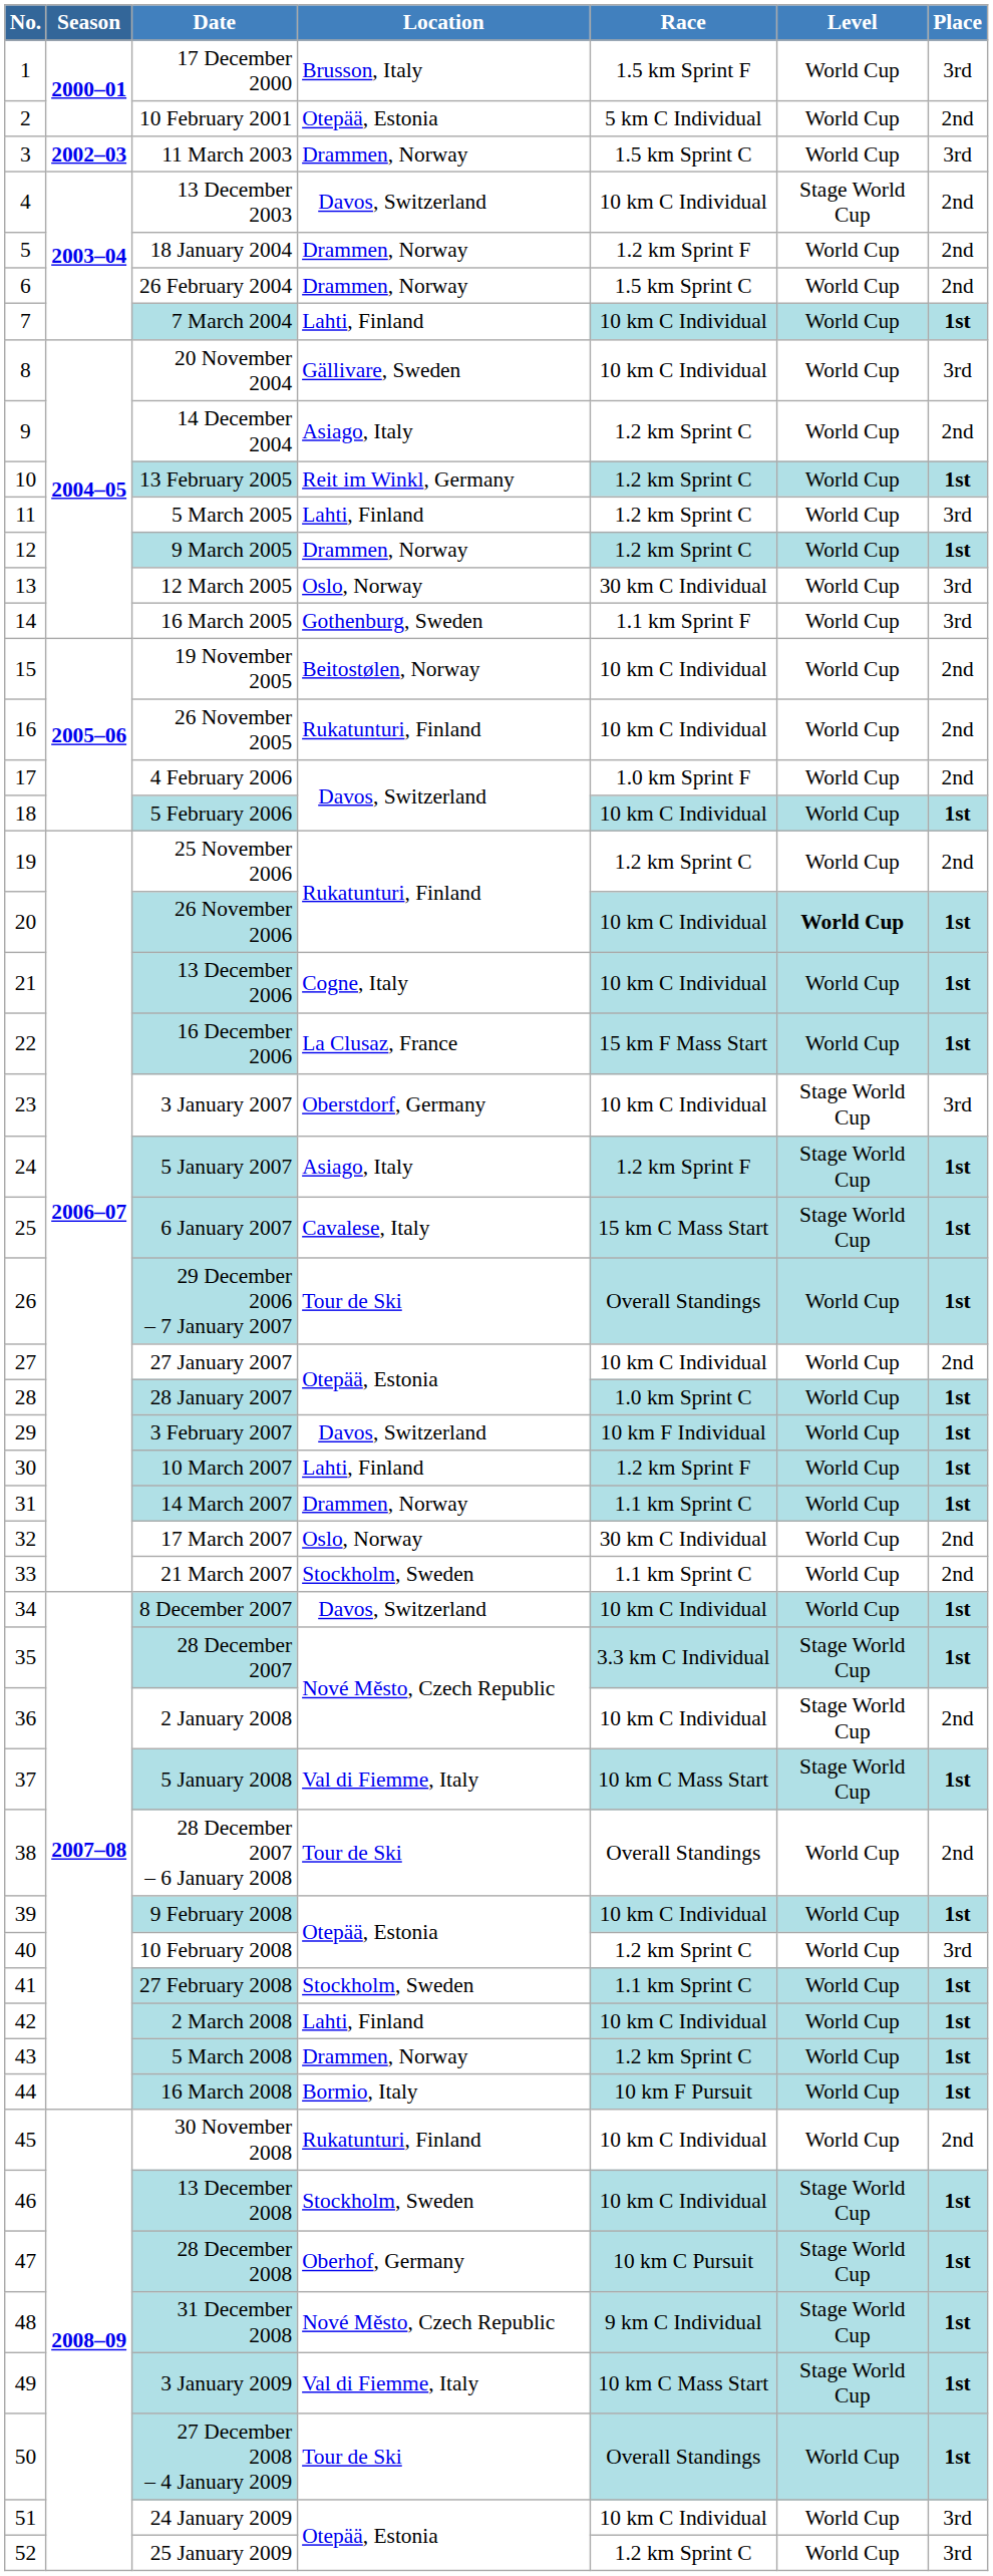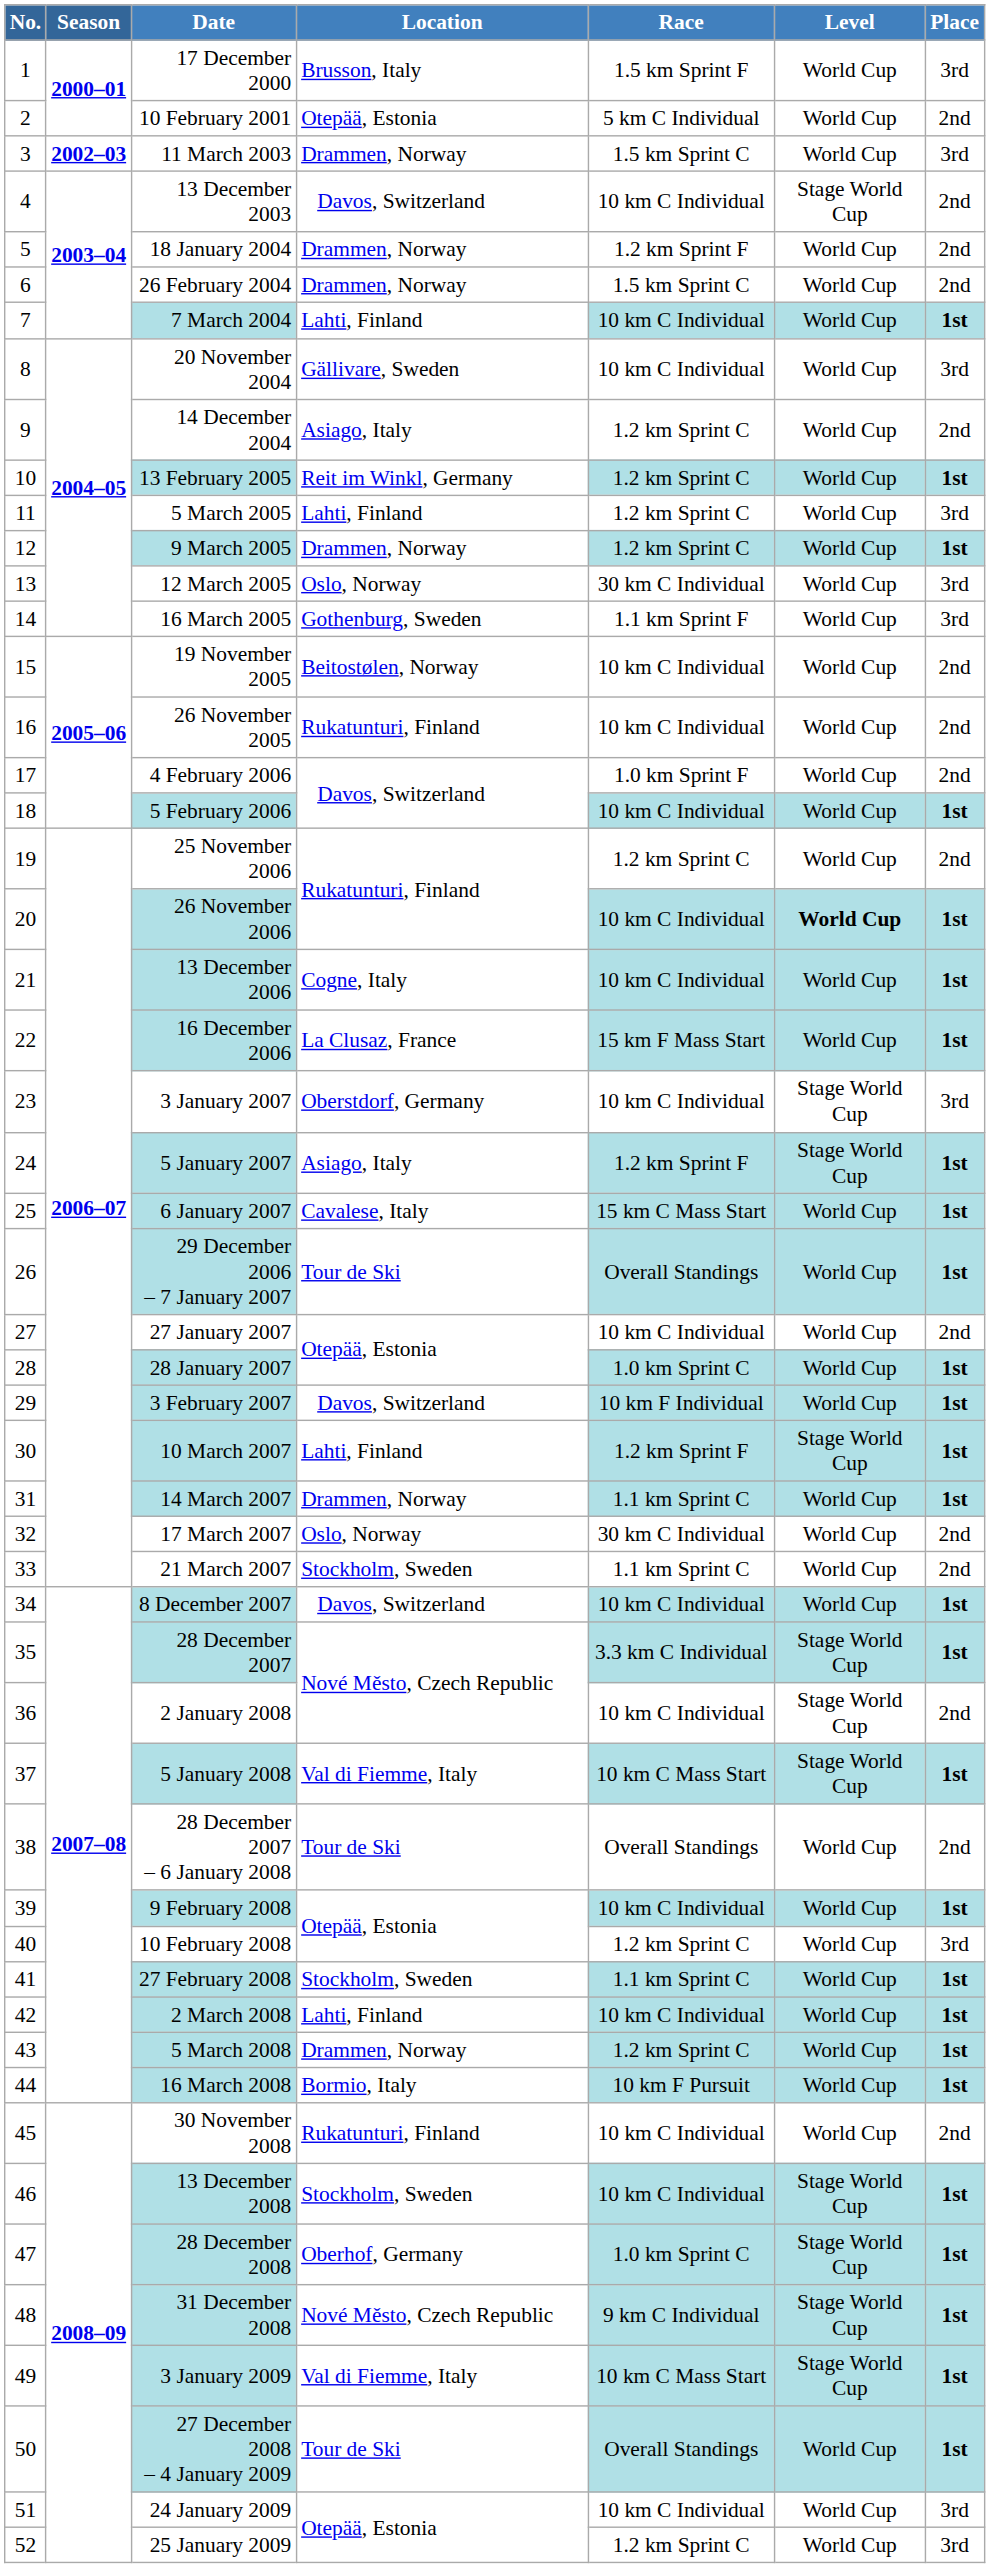 <table class="wikitable sortable" style="font-size:95%; text-align:center; border:grey solid 1px; border-collapse:collapse; background:#ffffff;">
 <tr style="background:#efefef;">
 <th style="background-color:#369; color:white;">No.</th>
 <th style="background-color:#369; color:white;">Season</th>
 <th style="background-color:#4180be; color:white; width:110px;">Date</th>
 <th style="background-color:#4180be; color:white; width:200px;">Location</th>
 <th style="background-color:#4180be; color:white; width:125px;">Race</th>
 <th style="background-color:#4180be; color:white; width:100px;">Level</th>
 <th style="background-color:#4180be; color:white;">Place</th>
 </tr>
 <tr>
 <td align=center>1</td>
 <td rowspan=2 align=center><strong><a href='#'>2000–01</a></strong></td>
 <td align=right>17 December 2000</td>
 <td align=left> <a href='#'>Brusson</a>, Italy</td>
 <td>1.5 km Sprint F</td>
 <td>World Cup</td>
 <td>3rd</td>
 </tr>
 <tr>
 <td align=center>2</td>
 <td align=right>10 February 2001</td>
 <td align=left> <a href='#'>Otepää</a>, Estonia</td>
 <td>5 km C Individual</td>
 <td>World Cup</td>
 <td>2nd</td>
 </tr>
 <tr>
 <td align=center>3</td>
 <td align=center><strong><a href='#'>2002–03</a></strong></td>
 <td align=right>11 March 2003</td>
 <td align=left> <a href='#'>Drammen</a>, Norway</td>
 <td>1.5 km Sprint C</td>
 <td>World Cup</td>
 <td>3rd</td>
 </tr>
 <tr>
 <td align=center>4</td>
 <td rowspan=4 align=center><strong><a href='#'>2003–04</a></strong></td>
 <td align=right>13 December 2003</td>
 <td align=left>   <a href='#'>Davos</a>, Switzerland</td>
 <td>10 km C Individual</td>
 <td>Stage World Cup</td>
 <td>2nd</td>
 </tr>
 <tr>
 <td align=center>5</td>
 <td align=right>18 January 2004</td>
 <td align=left> <a href='#'>Drammen</a>, Norway</td>
 <td>1.2 km Sprint F</td>
 <td>World Cup</td>
 <td>2nd</td>
 </tr>
 <tr>
 <td align=center>6</td>
 <td align=right>26 February 2004</td>
 <td align=left> <a href='#'>Drammen</a>, Norway</td>
 <td>1.5 km Sprint C</td>
 <td>World Cup</td>
 <td>2nd</td>
 </tr>
 <tr>
 <td align=center>7</td>
 <td bgcolor="#BOEOE6" align=right>7 March 2004</td>
 <td align=left> <a href='#'>Lahti</a>, Finland</td>
 <td bgcolor="#BOEOE6">10 km C Individual</td>
 <td bgcolor="#BOEOE6">World Cup</td>
 <td bgcolor="#BOEOE6"><strong>1st</strong></td>
 </tr>
 <tr>
 <td align=center>8</td>
 <td rowspan=7 align=center><strong><a href='#'>2004–05</a></strong></td>
 <td align=right>20 November 2004</td>
 <td align=left> <a href='#'>Gällivare</a>, Sweden</td>
 <td>10 km C Individual</td>
 <td>World Cup</td>
 <td>3rd</td>
 </tr>
 <tr>
 <td align=center>9</td>
 <td align=right>14 December 2004</td>
 <td align=left> <a href='#'>Asiago</a>, Italy</td>
 <td>1.2 km Sprint C</td>
 <td>World Cup</td>
 <td>2nd</td>
 </tr>
 <tr>
 <td align=center>10</td>
 <td bgcolor="#BOEOE6" align=right>13 February 2005</td>
 <td align=left> <a href='#'>Reit im Winkl</a>, Germany</td>
 <td bgcolor="#BOEOE6">1.2 km Sprint C</td>
 <td bgcolor="#BOEOE6">World Cup</td>
 <td bgcolor="#BOEOE6"><strong>1st</strong></td>
 </tr>
 <tr>
 <td align=center>11</td>
 <td align=right>5 March 2005</td>
 <td align=left> <a href='#'>Lahti</a>, Finland</td>
 <td>1.2 km Sprint C</td>
 <td>World Cup</td>
 <td>3rd</td>
 </tr>
 <tr>
 <td align=center>12</td>
 <td bgcolor="#BOEOE6" align=right>9 March 2005</td>
 <td align=left> <a href='#'>Drammen</a>, Norway</td>
 <td bgcolor="#BOEOE6">1.2 km Sprint C</td>
 <td bgcolor="#BOEOE6">World Cup</td>
 <td bgcolor="#BOEOE6"><strong>1st</strong></td>
 </tr>
 <tr>
 <td align=center>13</td>
 <td align=right>12 March 2005</td>
 <td align=left> <a href='#'>Oslo</a>, Norway</td>
 <td>30 km C Individual</td>
 <td>World Cup</td>
 <td>3rd</td>
 </tr>
 <tr>
 <td align=center>14</td>
 <td align=right>16 March 2005</td>
 <td align=left> <a href='#'>Gothenburg</a>, Sweden</td>
 <td>1.1 km Sprint F</td>
 <td>World Cup</td>
 <td>3rd</td>
 </tr>
 <tr>
 <td align=center>15</td>
 <td rowspan=4 align=center><strong><a href='#'>2005–06</a></strong></td>
 <td align=right>19 November 2005</td>
 <td align=left> <a href='#'>Beitostølen</a>, Norway</td>
 <td>10 km C Individual</td>
 <td>World Cup</td>
 <td>2nd</td>
 </tr>
 <tr>
 <td align=center>16</td>
 <td align=right>26 November 2005</td>
 <td align=left> <a href='#'>Rukatunturi</a>, Finland</td>
 <td>10 km C Individual</td>
 <td>World Cup</td>
 <td>2nd</td>
 </tr>
 <tr>
 <td align=center>17</td>
 <td align=right>4 February 2006</td>
 <td rowspan=2 align=left>   <a href='#'>Davos</a>, Switzerland</td>
 <td>1.0 km Sprint F</td>
 <td>World Cup</td>
 <td>2nd</td>
 </tr>
 <tr>
 <td align=center>18</td>
 <td bgcolor="#BOEOE6" align=right>5 February 2006</td>
 <td bgcolor="#BOEOE6">10 km C Individual</td>
 <td bgcolor="#BOEOE6">World Cup</td>
 <td bgcolor="#BOEOE6"><strong>1st</strong></td>
 </tr>
 <tr>
 <td align=center>19</td>
 <td rowspan=15 align=center><strong><a href='#'>2006–07</a></strong></td>
 <td align=right>25 November 2006</td>
 <td rowspan=2 align=left> <a href='#'>Rukatunturi</a>, Finland</td>
 <td>1.2 km Sprint C</td>
 <td>World Cup</td>
 <td>2nd</td>
 </tr>
 <tr>
 <td align=center>20</td>
 <td bgcolor="#BOEOE6" align=right>26 November 2006</td>
 <td bgcolor="#BOEOE6">10 km C Individual</td>
 <td bgcolor="#BOEOE6"><strong>World Cup</strong></td>
 <td bgcolor="#BOEOE6"><strong>1st</strong></td>
 </tr>
 <tr>
 <td align=center>21</td>
 <td bgcolor="#BOEOE6" align=right>13 December 2006</td>
 <td align=left> <a href='#'>Cogne</a>, Italy</td>
 <td bgcolor="#BOEOE6">10 km C Individual</td>
 <td bgcolor="#BOEOE6">World Cup</td>
 <td bgcolor="#BOEOE6"><strong>1st</strong></td>
 </tr>
 <tr>
 <td align=center>22</td>
 <td bgcolor="#BOEOE6" align=right>16 December 2006</td>
 <td align=left> <a href='#'>La Clusaz</a>, France</td>
 <td bgcolor="#BOEOE6">15 km F Mass Start</td>
 <td bgcolor="#BOEOE6">World Cup</td>
 <td bgcolor="#BOEOE6"><strong>1st</strong></td>
 </tr>
 <tr>
 <td align=center>23</td>
 <td align=right>3 January 2007</td>
 <td align=left> <a href='#'>Oberstdorf</a>, Germany</td>
 <td>10 km C Individual</td>
 <td>Stage World Cup</td>
 <td>3rd</td>
 </tr>
 <tr>
 <td align=center>24</td>
 <td bgcolor="#BOEOE6" align=right>5 January 2007</td>
 <td align=left> <a href='#'>Asiago</a>, Italy</td>
 <td bgcolor="#BOEOE6">1.2 km Sprint F</td>
 <td bgcolor="#BOEOE6">Stage World Cup</td>
 <td bgcolor="#BOEOE6"><strong>1st</strong></td>
 </tr>
 <tr>
 <td align=center>25</td>
 <td bgcolor="#BOEOE6" align=right>6 January 2007</td>
 <td align=left> <a href='#'>Cavalese</a>, Italy</td>
 <td bgcolor="#BOEOE6">15 km C Mass Start</td>
-<td bgcolor="#BOEOE6">Stage World Cup</td>
+<td bgcolor="#BOEOE6">World Cup</td>
 <td bgcolor="#BOEOE6"><strong>1st</strong></td>
 </tr>
 <tr>
 <td align=center>26</td>
 <td bgcolor="#BOEOE6" align=right>29 December 2006<br>– 7 January 2007</td>
 <td align=left> <a href='#'>Tour de Ski</a></td>
 <td bgcolor="#BOEOE6">Overall Standings</td>
 <td bgcolor="#BOEOE6">World Cup</td>
 <td bgcolor="#BOEOE6"><strong>1st</strong></td>
 </tr>
 <tr>
 <td align=center>27</td>
 <td align=right>27 January 2007</td>
 <td rowspan=2 align=left> <a href='#'>Otepää</a>, Estonia</td>
 <td>10 km C Individual</td>
 <td>World Cup</td>
 <td>2nd</td>
 </tr>
 <tr>
 <td align=center>28</td>
 <td bgcolor="#BOEOE6" align=right>28 January 2007</td>
 <td bgcolor="#BOEOE6">1.0 km Sprint C</td>
 <td bgcolor="#BOEOE6">World Cup</td>
 <td bgcolor="#BOEOE6"><strong>1st</strong></td>
 </tr>
 <tr>
 <td align=center>29</td>
 <td bgcolor="#BOEOE6" align=right>3 February 2007</td>
 <td align=left>   <a href='#'>Davos</a>, Switzerland</td>
 <td bgcolor="#BOEOE6">10 km F Individual</td>
 <td bgcolor="#BOEOE6">World Cup</td>
 <td bgcolor="#BOEOE6"><strong>1st</strong></td>
 </tr>
 <tr>
 <td align=center>30</td>
 <td bgcolor="#BOEOE6" align=right>10 March 2007</td>
 <td align=left> <a href='#'>Lahti</a>, Finland</td>
 <td bgcolor="#BOEOE6">1.2 km Sprint F</td>
-<td bgcolor="#BOEOE6">World Cup</td>
+<td bgcolor="#BOEOE6">Stage World Cup</td>
 <td bgcolor="#BOEOE6"><strong>1st</strong></td>
 </tr>
 <tr>
 <td align=center>31</td>
 <td bgcolor="#BOEOE6" align=right>14 March 2007</td>
 <td align=left> <a href='#'>Drammen</a>, Norway</td>
 <td bgcolor="#BOEOE6">1.1 km Sprint C</td>
 <td bgcolor="#BOEOE6">World Cup</td>
 <td bgcolor="#BOEOE6"><strong>1st</strong></td>
 </tr>
 <tr>
 <td align=center>32</td>
 <td align=right>17 March 2007</td>
 <td align=left> <a href='#'>Oslo</a>, Norway</td>
 <td>30 km C Individual</td>
 <td>World Cup</td>
 <td>2nd</td>
 </tr>
 <tr>
 <td align=center>33</td>
 <td align=right>21 March 2007</td>
 <td align=left> <a href='#'>Stockholm</a>, Sweden</td>
 <td>1.1 km Sprint C</td>
 <td>World Cup</td>
 <td>2nd</td>
 </tr>
 <tr>
 <td align=center>34</td>
 <td rowspan=11 align=center><strong><a href='#'>2007–08</a></strong></td>
 <td bgcolor="#BOEOE6" align=right>8 December 2007</td>
 <td align=left>   <a href='#'>Davos</a>, Switzerland</td>
 <td bgcolor="#BOEOE6">10 km C Individual</td>
 <td bgcolor="#BOEOE6">World Cup</td>
 <td bgcolor="#BOEOE6"><strong>1st</strong></td>
 </tr>
 <tr>
 <td align=center>35</td>
 <td bgcolor="#BOEOE6"  align=right>28 December 2007</td>
 <td rowspan=2 align=left> <a href='#'>Nové Město</a>, Czech Republic</td>
 <td bgcolor="#BOEOE6">3.3 km C Individual</td>
 <td bgcolor="#BOEOE6">Stage World Cup</td>
 <td bgcolor="#BOEOE6"><strong>1st</strong></td>
 </tr>
 <tr>
 <td align=center>36</td>
 <td align=right>2 January 2008</td>
 <td>10 km C Individual</td>
 <td>Stage World Cup</td>
 <td>2nd</td>
 </tr>
 <tr>
 <td align=center>37</td>
 <td bgcolor="#BOEOE6" align=right>5 January 2008</td>
 <td align=left> <a href='#'>Val di Fiemme</a>, Italy</td>
 <td bgcolor="#BOEOE6">10 km C Mass Start</td>
 <td bgcolor="#BOEOE6">Stage World Cup</td>
 <td bgcolor="#BOEOE6"><strong>1st</strong></td>
 </tr>
 <tr>
 <td align=center>38</td>
 <td align=right>28 December 2007<br>– 6 January 2008</td>
 <td align=left> <a href='#'>Tour de Ski</a></td>
 <td>Overall Standings</td>
 <td>World Cup</td>
 <td>2nd</td>
 </tr>
 <tr>
 <td align=center>39</td>
 <td bgcolor="#BOEOE6" align=right>9 February 2008</td>
 <td rowspan=2 align=left> <a href='#'>Otepää</a>, Estonia</td>
 <td bgcolor="#BOEOE6">10 km C Individual</td>
 <td bgcolor="#BOEOE6">World Cup</td>
 <td bgcolor="#BOEOE6"><strong>1st</strong></td>
 </tr>
 <tr>
 <td align=center>40</td>
 <td align=right>10 February 2008</td>
 <td>1.2 km Sprint C</td>
 <td>World Cup</td>
 <td>3rd</td>
 </tr>
 <tr>
 <td align=center>41</td>
 <td bgcolor="#BOEOE6" align=right>27 February 2008</td>
 <td align=left> <a href='#'>Stockholm</a>, Sweden</td>
 <td bgcolor="#BOEOE6">1.1 km Sprint C</td>
 <td bgcolor="#BOEOE6">World Cup</td>
 <td bgcolor="#BOEOE6"><strong>1st</strong></td>
 </tr>
 <tr>
 <td align=center>42</td>
 <td bgcolor="#BOEOE6" align=right>2 March 2008</td>
 <td align=left> <a href='#'>Lahti</a>, Finland</td>
 <td bgcolor="#BOEOE6">10 km C Individual</td>
 <td bgcolor="#BOEOE6">World Cup</td>
 <td bgcolor="#BOEOE6"><strong>1st</strong></td>
 </tr>
 <tr>
 <td align=center>43</td>
 <td bgcolor="#BOEOE6" align=right>5 March 2008</td>
 <td align=left> <a href='#'>Drammen</a>, Norway</td>
 <td bgcolor="#BOEOE6">1.2 km Sprint C</td>
 <td bgcolor="#BOEOE6">World Cup</td>
 <td bgcolor="#BOEOE6"><strong>1st</strong></td>
 </tr>
 <tr>
 <td align=center>44</td>
 <td bgcolor="#BOEOE6" align=right>16 March 2008</td>
 <td align=left> <a href='#'>Bormio</a>, Italy</td>
 <td bgcolor="#BOEOE6">10 km F Pursuit</td>
 <td bgcolor="#BOEOE6">World Cup</td>
 <td bgcolor="#BOEOE6"><strong>1st</strong></td>
 </tr>
 <tr>
 <td align=center>45</td>
 <td rowspan=8 align=center><strong><a href='#'>2008–09</a></strong></td>
 <td align=right>30 November 2008</td>
 <td align=left> <a href='#'>Rukatunturi</a>, Finland</td>
 <td>10 km C Individual</td>
 <td>World Cup</td>
 <td>2nd</td>
 </tr>
 <tr>
 <td align=center>46</td>
 <td bgcolor="#BOEOE6" align=right>13 December 2008</td>
 <td align=left> <a href='#'>Stockholm</a>, Sweden</td>
 <td bgcolor="#BOEOE6">10 km C Individual</td>
 <td bgcolor="#BOEOE6">Stage World Cup</td>
 <td bgcolor="#BOEOE6"><strong>1st</strong></td>
 </tr>
 <tr>
 <td align=center>47</td>
 <td bgcolor="#BOEOE6" align=right>28 December 2008</td>
 <td align=left> <a href='#'>Oberhof</a>, Germany</td>
-<td bgcolor="#BOEOE6">10 km C Pursuit</td>
+<td bgcolor="#BOEOE6">1.0 km Sprint C</td>
 <td bgcolor="#BOEOE6">Stage World Cup</td>
 <td bgcolor="#BOEOE6"><strong>1st</strong></td>
 </tr>
 <tr>
 <td align=center>48</td>
 <td bgcolor="#BOEOE6"  align=right>31 December 2008</td>
 <td align=left> <a href='#'>Nové Město</a>, Czech Republic</td>
 <td bgcolor="#BOEOE6">9 km C Individual</td>
 <td bgcolor="#BOEOE6">Stage World Cup</td>
 <td bgcolor="#BOEOE6"><strong>1st</strong></td>
 </tr>
 <tr>
 <td align=center>49</td>
 <td bgcolor="#BOEOE6"  align=right>3 January 2009</td>
 <td align=left> <a href='#'>Val di Fiemme</a>, Italy</td>
 <td bgcolor="#BOEOE6">10 km C Mass Start</td>
 <td bgcolor="#BOEOE6">Stage World Cup</td>
 <td bgcolor="#BOEOE6"><strong>1st</strong></td>
 </tr>
 <tr>
 <td align=center>50</td>
 <td bgcolor="#BOEOE6" align=right>27 December 2008<br>– 4 January 2009</td>
 <td align=left> <a href='#'>Tour de Ski</a></td>
 <td bgcolor="#BOEOE6">Overall Standings</td>
 <td bgcolor="#BOEOE6">World Cup</td>
 <td bgcolor="#BOEOE6"><strong>1st</strong></td>
 </tr>
 <tr>
 <td align=center>51</td>
 <td align=right>24 January 2009</td>
 <td rowspan=2 align=left> <a href='#'>Otepää</a>, Estonia</td>
 <td>10 km C Individual</td>
 <td>World Cup</td>
 <td>3rd</td>
 </tr>
 <tr>
 <td align=center>52</td>
 <td align=right>25 January 2009</td>
 <td>1.2 km Sprint C</td>
 <td>World Cup</td>
 <td>3rd</td>
 </tr>
 </table>
